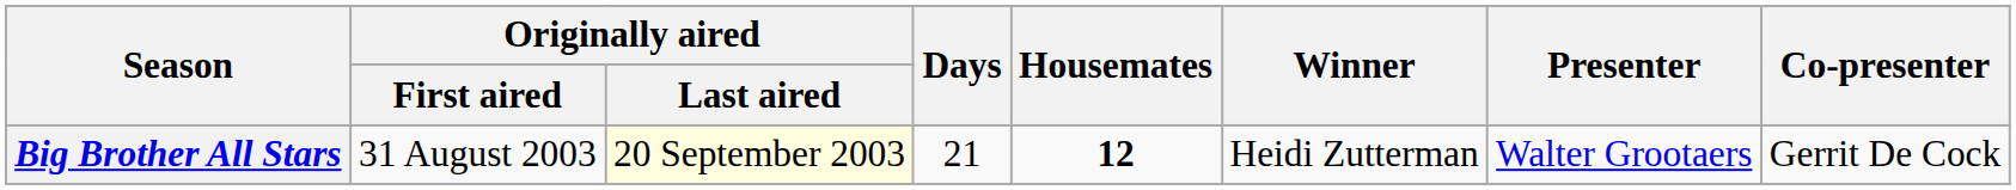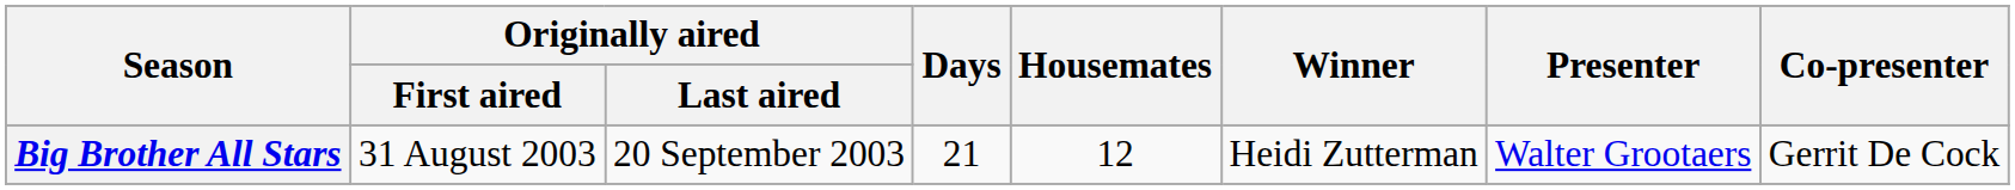 <table class="wikitable" style="text-align: center;">
 <tr>
 <th rowspan="2">Season</th>
 <th colspan="2">Originally aired</th>
 <th rowspan="2">Days</th>
 <th rowspan="2">Housemates</th>
 <th rowspan="2">Winner</th>
 <th rowspan="2">Presenter</th>
 <th rowspan="2">Co-presenter</th>
 </tr>
 <tr>
 <th>First aired</th>
 <th>Last aired</th>
 </tr>
 <tr>
 <th><em><a href='#'>Big Brother All Stars</a></em></th>
 <td>31 August 2003</td>
-<td style="background: lightyellow;">20 September 2003</td>
+<td>20 September 2003</td>
 <td>21</td>
-<td><strong>12</strong></td>
+<td>12</td>
 <td>Heidi Zutterman</td>
 <td><a href='#'>Walter Grootaers</a></td>
 <td>Gerrit De Cock</td>
 </tr>
 </table>
